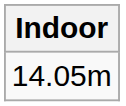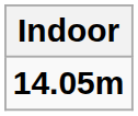 <table class="wikitable" border="1" align="upright">
 <tr>
 <th>Indoor</th>
 </tr>
 <tr>
-<td>14.05m</td>
+<td><strong>14.05m</strong></td>
 </tr>
 </table>
